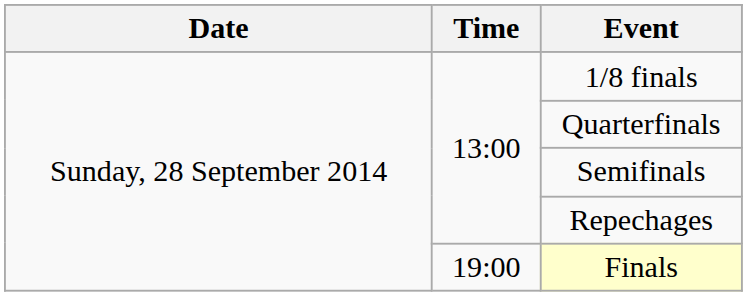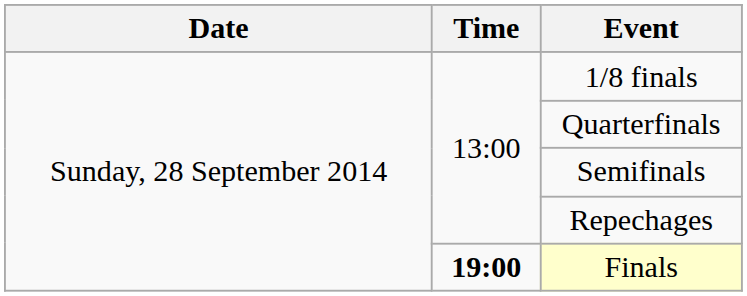 <table class = "wikitable" style="text-align:center;">
 <tr>
 <th width=220>Date</th>
 <th width=50>Time</th>
 <th width=100>Event</th>
 </tr>
 <tr>
 <td rowspan=5>Sunday, 28 September 2014</td>
 <td rowspan=4>13:00</td>
 <td>1/8 finals</td>
 </tr>
 <tr>
 <td>Quarterfinals</td>
 </tr>
 <tr>
 <td>Semifinals</td>
 </tr>
 <tr>
 <td>Repechages</td>
 </tr>
 <tr>
-<td>19:00</td>
+<td><strong>19:00</strong></td>
 <td bgcolor=ffffcc>Finals</td>
 </tr>
 </table>
